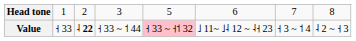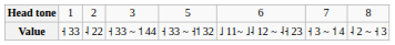 <table class="wikitable" style="text-align: center">
 <tr>
 <th>Head tone</th>
 <td>1</td>
 <td>2</td>
 <td>3</td>
 <td>5</td>
 <td>6</td>
 <td>7</td>
 <td>8</td>
 </tr>
 <tr>
 <th>Value</th>
 <td>˧ 33</td>
-<td><strong>˨ 22</strong></td>
+<td>˨ 22</td>
 <td>˧ 33 ~ ˦ 44</td>
-<td style="background: pink;">˧ 33 ~ ˧˦ 32</td>
+<td>˧ 33 ~ ˧˦ 32</td>
 <td>˩ 11~ ˩˨ 12 ~ ˨˧ 23</td>
 <td>˧ 3 ~ ˦ 4</td>
 <td>˨ 2 ~ ˧ 3</td>
 </tr>
 </table>
